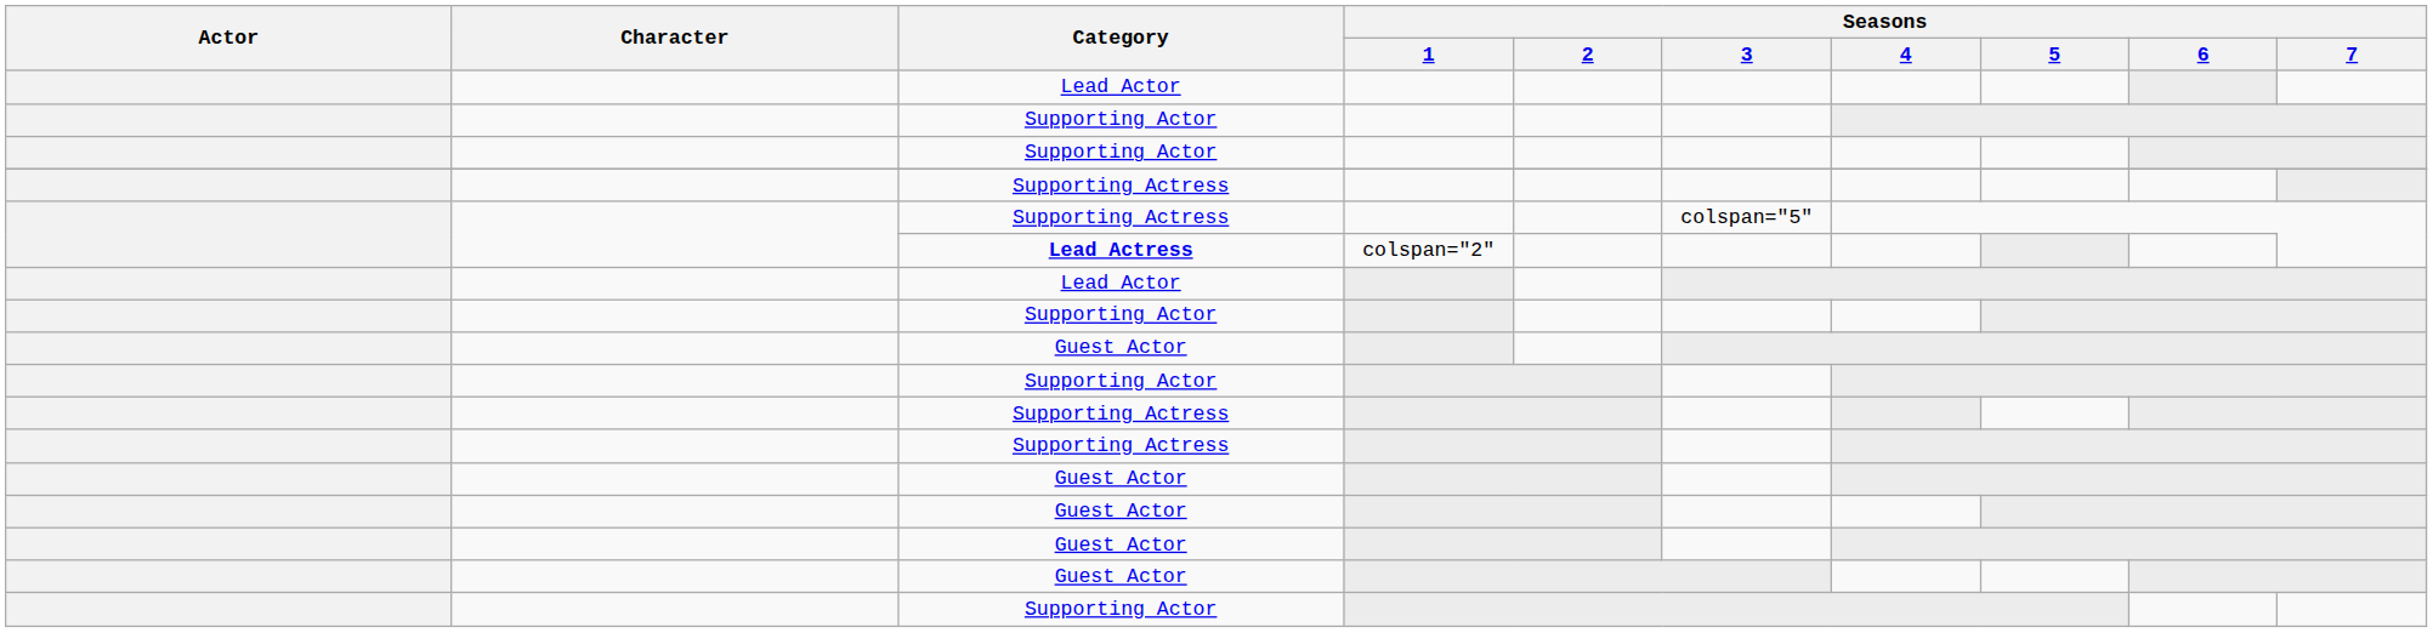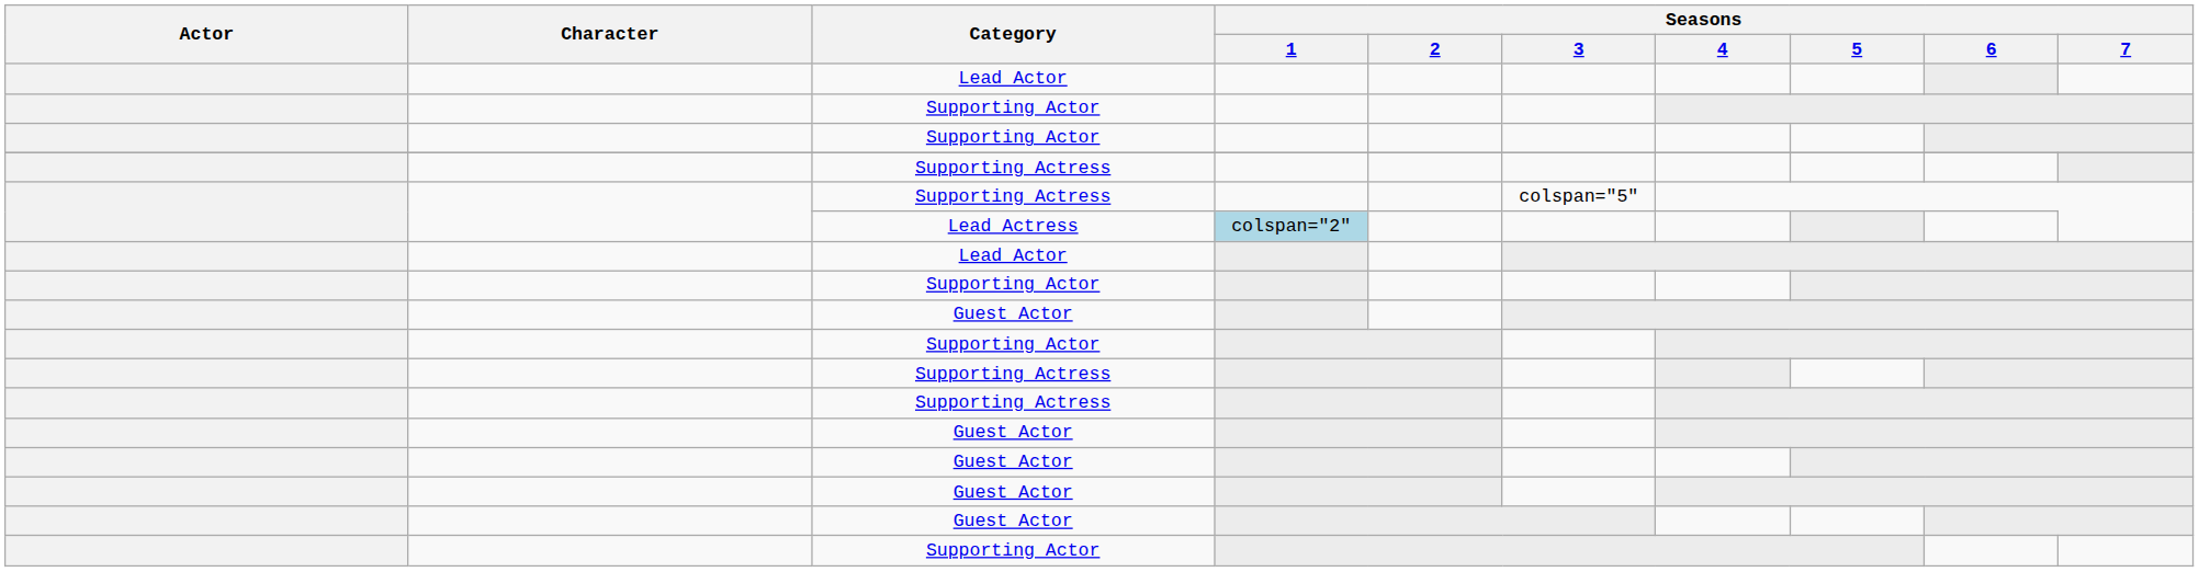 <table class="wikitable sortable plainrowheaders" style="text-align:center">
 <tr>
 <th scope="col" rowspan="2" style="width:15%;">Actor</th>
 <th scope="col" rowspan="2" style="width:15%;">Character</th>
 <th scope="col" rowspan="2" style="width:15%;">Category</th>
 <th scope="col" colspan="7">Seasons</th>
 </tr>
 <tr>
 <th scope="col" style="width:5%;"><a href='#'>1</a></th>
 <th scope="col" style="width:5%;"><a href='#'>2</a></th>
 <th scope="col" style="width:5%;"><a href='#'>3</a></th>
 <th scope="col" style="width:5%;"><a href='#'>4</a></th>
 <th scope="col" style="width:5%;"><a href='#'>5</a></th>
 <th scope="col" style="width:5%;"><a href='#'>6</a></th>
 <th scope="col" style="width:5%;"><a href='#'>7</a></th>
 </tr>
 <tr>
 <th scope="row"></th>
 <td></td>
 <td><a href='#'>Lead Actor</a></td>
 <td></td>
 <td></td>
 <td></td>
 <td></td>
 <td></td>
 <td style="background: #ececec; color:grey;"></td>
 <td></td>
 </tr>
 <tr>
 <th scope="row"></th>
 <td></td>
 <td><a href='#'>Supporting Actor</a></td>
 <td></td>
 <td></td>
 <td></td>
 <td colspan="4" style="background: #ececec; color:grey;"></td>
 </tr>
 <tr>
 <th scope="row"></th>
 <td></td>
 <td><a href='#'>Supporting Actor</a></td>
 <td></td>
 <td></td>
 <td></td>
 <td></td>
 <td></td>
 <td colspan="2" style="background: #ececec; color:grey;"></td>
 </tr>
 <tr>
 </tr>
 <tr>
 <th scope="row"></th>
 <td></td>
 <td><a href='#'>Supporting Actress</a></td>
 <td></td>
 <td></td>
 <td></td>
 <td></td>
 <td></td>
 <td></td>
 <td style="background: #ececec; color:grey;"></td>
 </tr>
 <tr>
 <th scope="row"; rowspan="2"></th>
 <td rowspan="2"></td>
 <td><a href='#'>Supporting Actress</a></td>
 <td></td>
 <td></td>
 <td>colspan="5" </td>
 </tr>
 <tr>
-<td><strong><a href='#'>Lead Actress</a></strong></td>
-<td>colspan="2" </td>
+<td><a href='#'>Lead Actress</a></td>
+<td style="background: lightblue;">colspan="2" </td>
 <td></td>
 <td></td>
 <td></td>
 <td style="background: #ececec; color:grey;"></td>
 <td></td>
 </tr>
 <tr>
 <th scope="row"></th>
 <td></td>
 <td><a href='#'>Lead Actor</a></td>
 <td style="background: #ececec; color:grey;"></td>
 <td></td>
 <td colspan="5" style="background: #ececec; color:grey;"></td>
 </tr>
 <tr>
 <th scope="row"></th>
 <td></td>
 <td><a href='#'>Supporting Actor</a></td>
 <td style="background: #ececec; color:grey;"></td>
 <td></td>
 <td></td>
 <td></td>
 <td colspan="3" style="background: #ececec; color:grey;"></td>
 </tr>
 <tr>
 <th scope="row"></th>
 <td></td>
 <td><a href='#'>Guest Actor</a></td>
 <td style="background: #ececec; color:grey;"></td>
 <td></td>
 <td colspan="5" style="background: #ececec; color:grey;"></td>
 </tr>
 <tr>
 <th scope="row"></th>
 <td></td>
 <td><a href='#'>Supporting Actor</a></td>
 <td colspan="2" style="background: #ececec; color:grey;"></td>
 <td></td>
 <td colspan="4" style="background: #ececec; color:grey;"></td>
 </tr>
 <tr>
 <th scope="row"></th>
 <td></td>
 <td><a href='#'>Supporting Actress</a></td>
 <td colspan="2" style="background: #ececec; color:grey;"></td>
 <td></td>
 <td style="background: #ececec; color:grey;"></td>
 <td></td>
 <td colspan="2" style="background: #ececec; color:grey;"></td>
 </tr>
 <tr>
 <th scope="row"></th>
 <td></td>
 <td><a href='#'>Supporting Actress</a></td>
 <td colspan="2" style="background: #ececec; color:grey;"></td>
 <td></td>
 <td colspan="4" style="background: #ececec; color:grey;"></td>
 </tr>
 <tr>
 <th scope="row"></th>
 <td></td>
 <td><a href='#'>Guest Actor</a></td>
 <td colspan="2" style="background: #ececec; color:grey;"></td>
 <td></td>
 <td colspan="4" style="background: #ececec; color:grey;"></td>
 </tr>
 <tr>
 <th scope="row"></th>
 <td></td>
 <td><a href='#'>Guest Actor</a></td>
 <td colspan="2" style="background: #ececec; color:grey;"></td>
 <td></td>
 <td></td>
 <td colspan="3" style="background: #ececec; color:grey;"></td>
 </tr>
 <tr>
 <th scope="row"></th>
 <td></td>
 <td><a href='#'>Guest Actor</a></td>
 <td colspan="2" style="background: #ececec; color:grey;"></td>
 <td></td>
 <td colspan="4" style="background: #ececec; color:grey;"></td>
 </tr>
 <tr>
 <th scope="row"></th>
 <td></td>
 <td><a href='#'>Guest Actor</a></td>
 <td colspan="3" style="background: #ececec; color:grey;"></td>
 <td></td>
 <td></td>
 <td colspan="2" style="background: #ececec; color:grey;"></td>
 </tr>
 <tr>
 <th scope="row"></th>
 <td></td>
 <td><a href='#'>Supporting Actor</a></td>
 <td colspan="5" style="background: #ececec; color:grey;"></td>
 <td></td>
 <td></td>
 </tr>
 </table>
